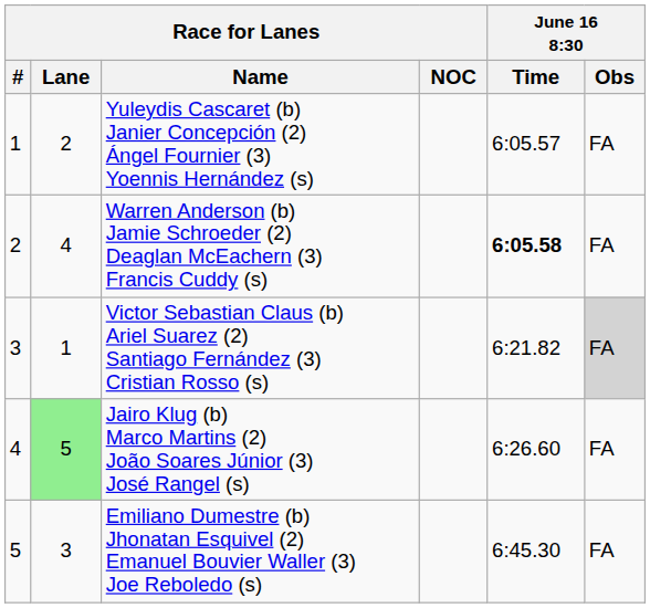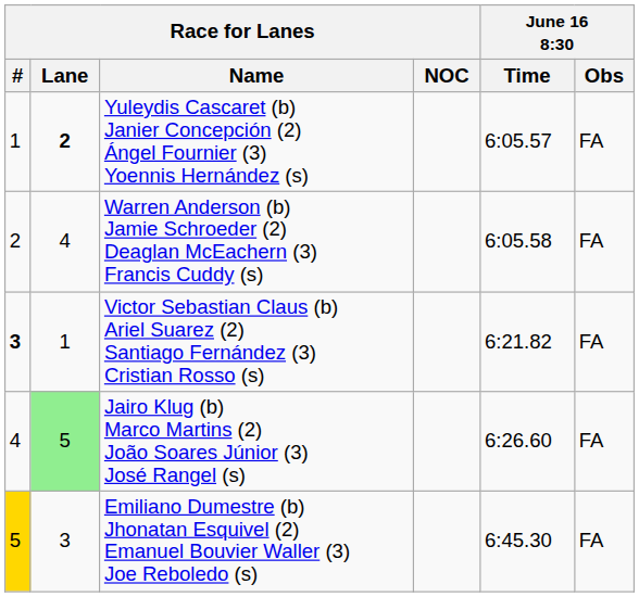 <table class="wikitable" width=500>
 <tr>
 <th colspan=4>Race for Lanes</th>
 <th colspan=2><small>June 16<br>8:30</small></th>
 </tr>
 <tr>
 <th>#</th>
 <th>Lane</th>
 <th>Name</th>
 <th>NOC</th>
 <th>Time</th>
 <th>Obs</th>
 </tr>
 <tr>
 <td>1</td>
-<td align=center>2</td>
+<td align=center><strong>2</strong></td>
 <td><a href='#'>Yuleydis Cascaret</a> (b)<br><a href='#'>Janier Concepción</a> (2)<br><a href='#'>Ángel Fournier</a> (3)<br><a href='#'>Yoennis Hernández</a> (s)</td>
 <td></td>
 <td>6:05.57</td>
 <td>FA</td>
 </tr>
 <tr>
 <td>2</td>
 <td align=center>4</td>
 <td><a href='#'>Warren Anderson</a> (b)<br><a href='#'>Jamie Schroeder</a> (2)<br><a href='#'>Deaglan McEachern</a> (3)<br><a href='#'>Francis Cuddy</a> (s)</td>
 <td></td>
-<td><strong>6:05.58</strong></td>
+<td>6:05.58</td>
 <td>FA</td>
 </tr>
 <tr>
-<td>3</td>
+<td><strong>3</strong></td>
 <td align=center>1</td>
 <td><a href='#'>Victor Sebastian Claus</a> (b)<br><a href='#'>Ariel Suarez</a> (2)<br><a href='#'>Santiago Fernández</a> (3)<br><a href='#'>Cristian Rosso</a> (s)</td>
 <td></td>
 <td>6:21.82</td>
-<td style="background: lightgrey;">FA</td>
+<td>FA</td>
 </tr>
 <tr>
 <td>4</td>
 <td align=center style="background: lightgreen;">5</td>
 <td><a href='#'>Jairo Klug</a> (b)<br><a href='#'>Marco Martins</a> (2)<br><a href='#'>João Soares Júnior</a> (3)<br><a href='#'>José Rangel</a> (s)</td>
 <td></td>
 <td>6:26.60</td>
 <td>FA</td>
 </tr>
 <tr>
-<td>5</td>
+<td style="background: gold;">5</td>
 <td align=center>3</td>
 <td><a href='#'>Emiliano Dumestre</a> (b)<br><a href='#'>Jhonatan Esquivel</a> (2)<br><a href='#'>Emanuel Bouvier Waller</a> (3)<br><a href='#'>Joe Reboledo</a> (s)</td>
 <td></td>
 <td>6:45.30</td>
 <td>FA</td>
 </tr>
 </table>
